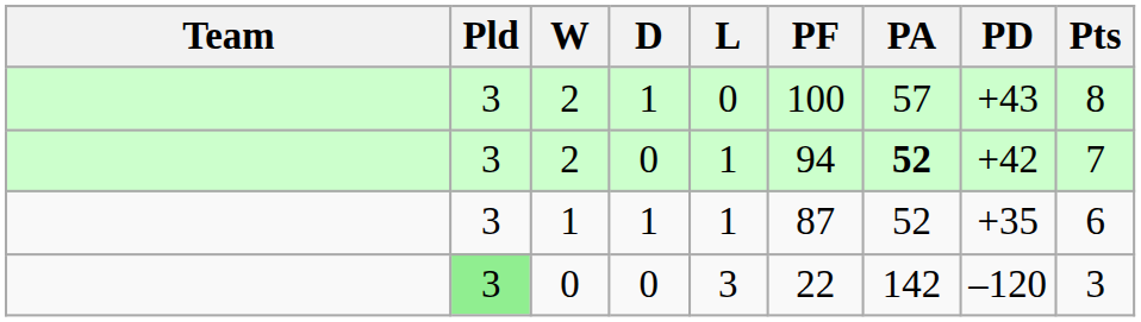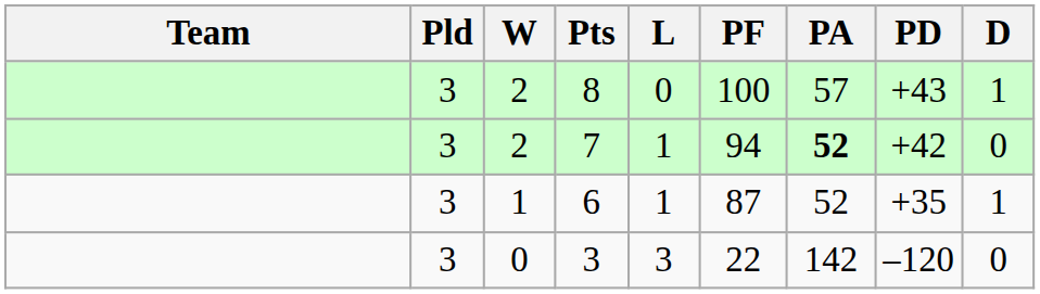 <table class="wikitable" style="text-align:center;">
 <tr>
 <th width=175>Team</th>
 <th style="width:25px;" abbr="Played">Pld</th>
 <th style="width:25px;" abbr="Won">W</th>
-<th style="width:25px;" abbr="Drawn">D</th>
+<th style="width:25px;" abbr="Points">Pts</th>
 <th style="width:25px;" abbr="Lost">L</th>
 <th style="width:32px;" abbr="Points for">PF</th>
 <th style="width:32px;" abbr="Points against">PA</th>
 <th style="width:32px;" abbr="Points difference">PD</th>
-<th style="width:25px;" abbr="Points">Pts</th>
+<th style="width:25px;" abbr="Drawn">D</th>
 </tr>
 <tr style="background:#cfc;">
 <td align=left></td>
 <td>3</td>
 <td>2</td>
-<td>1</td>
+<td>8</td>
 <td>0</td>
 <td>100</td>
 <td>57</td>
 <td>+43</td>
-<td>8</td>
+<td>1</td>
 </tr>
 <tr style="background:#cfc;">
 <td align=left></td>
 <td>3</td>
 <td>2</td>
-<td>0</td>
+<td>7</td>
 <td>1</td>
 <td>94</td>
 <td><strong>52</strong></td>
 <td>+42</td>
-<td>7</td>
+<td>0</td>
 </tr>
 <tr>
 <td align=left></td>
 <td>3</td>
 <td>1</td>
-<td>1</td>
+<td>6</td>
 <td>1</td>
 <td>87</td>
 <td>52</td>
 <td>+35</td>
-<td>6</td>
+<td>1</td>
 </tr>
 <tr>
 <td align=left></td>
-<td style="background: lightgreen;">3</td>
+<td>3</td>
 <td>0</td>
-<td>0</td>
+<td>3</td>
 <td>3</td>
 <td>22</td>
 <td>142</td>
 <td>–120</td>
-<td>3</td>
+<td>0</td>
 </tr>
 </table>
